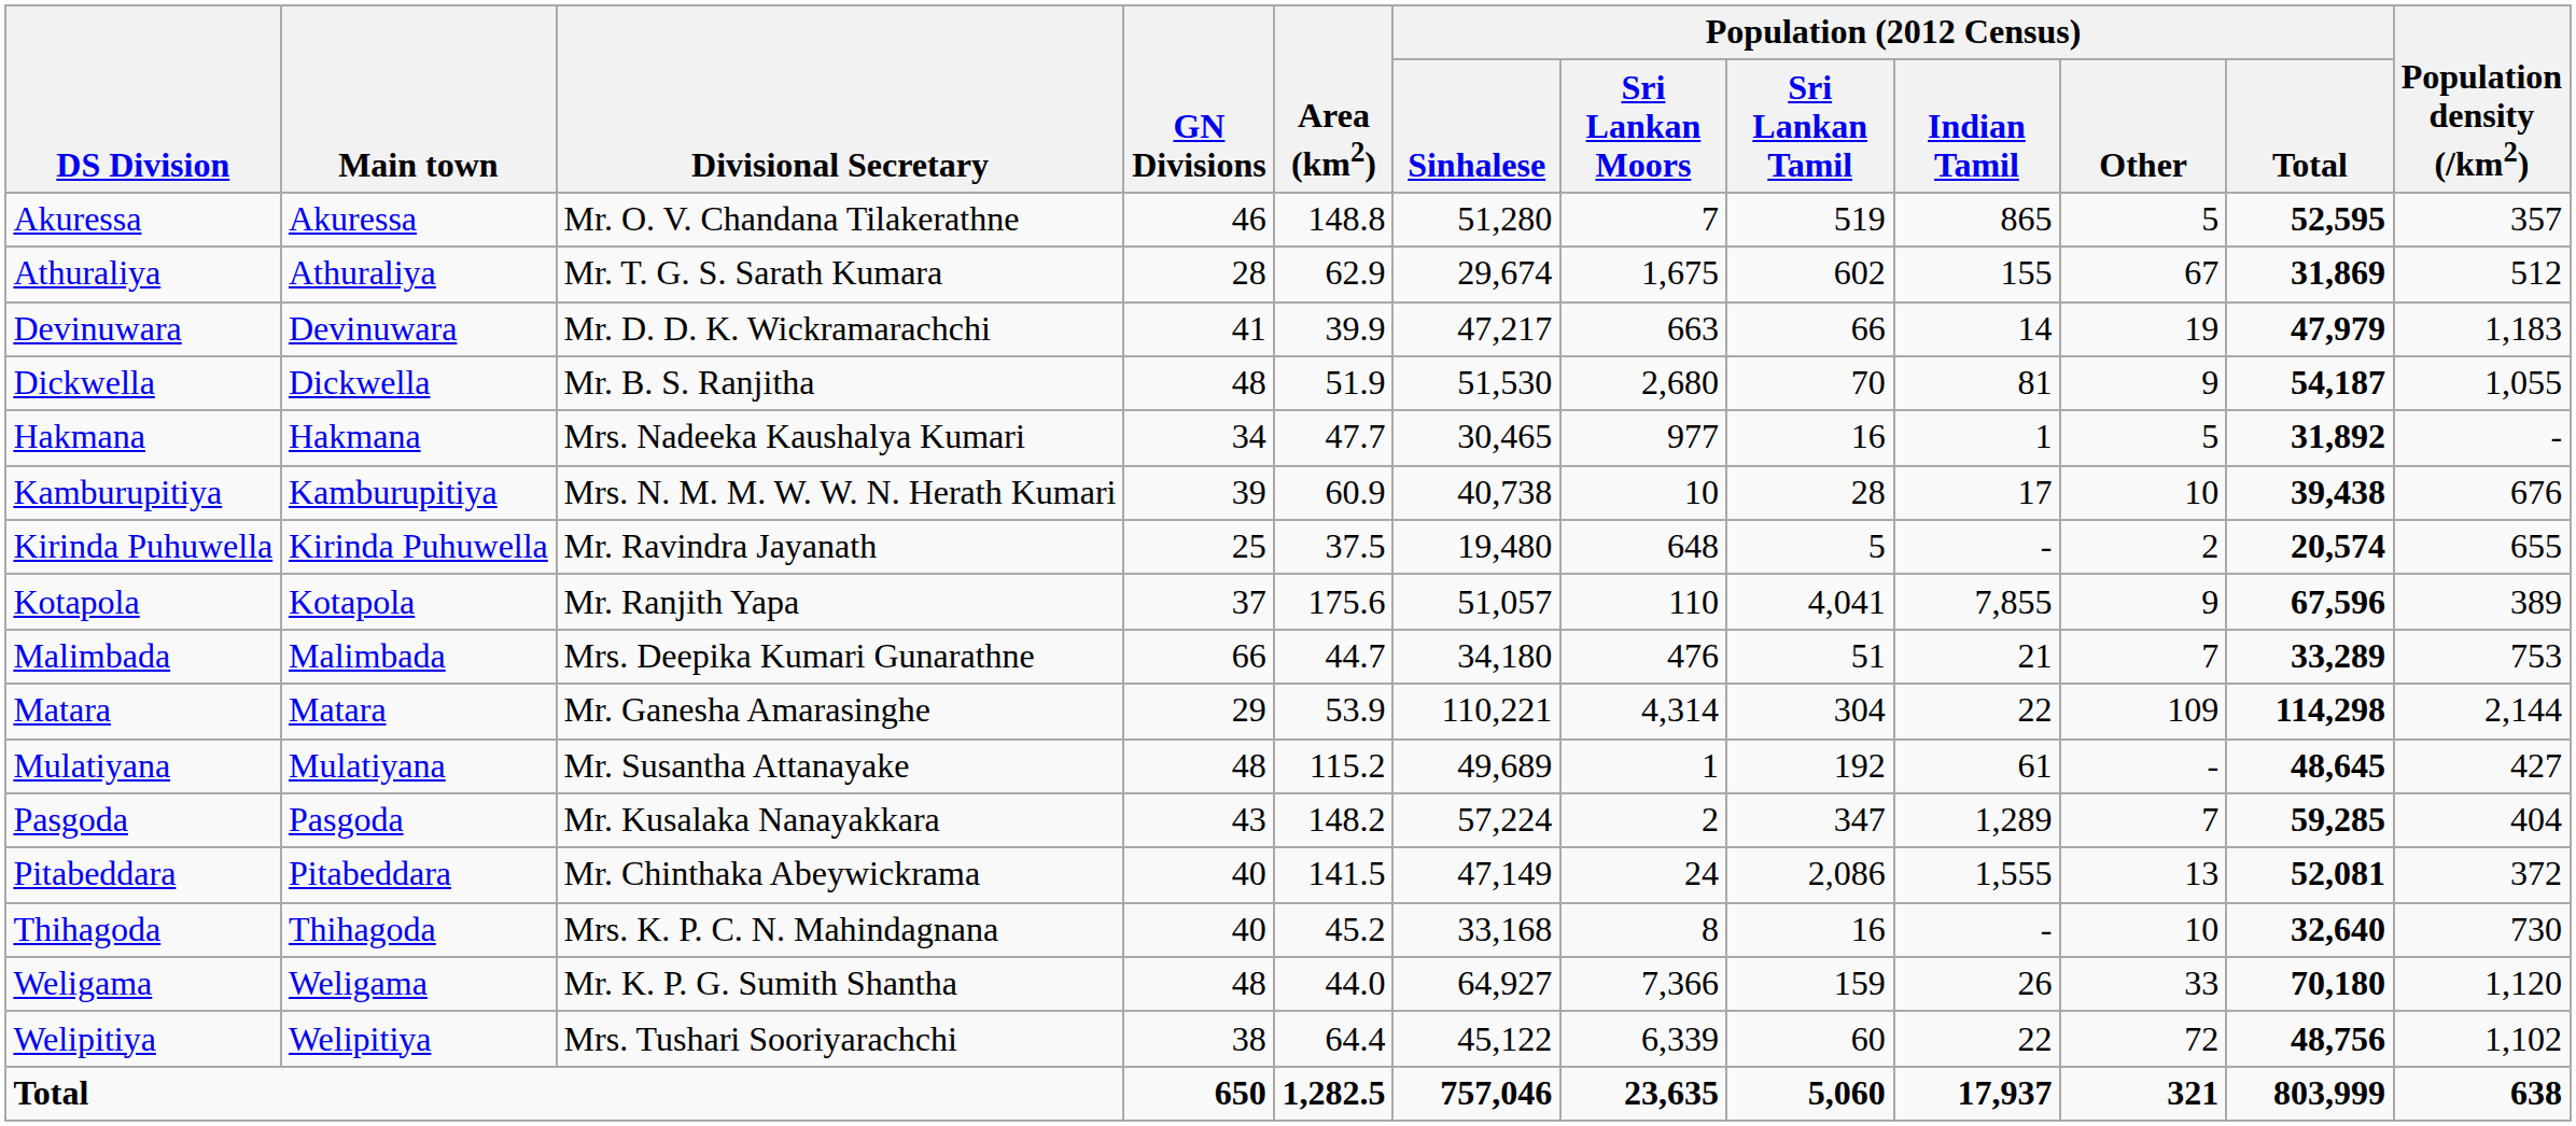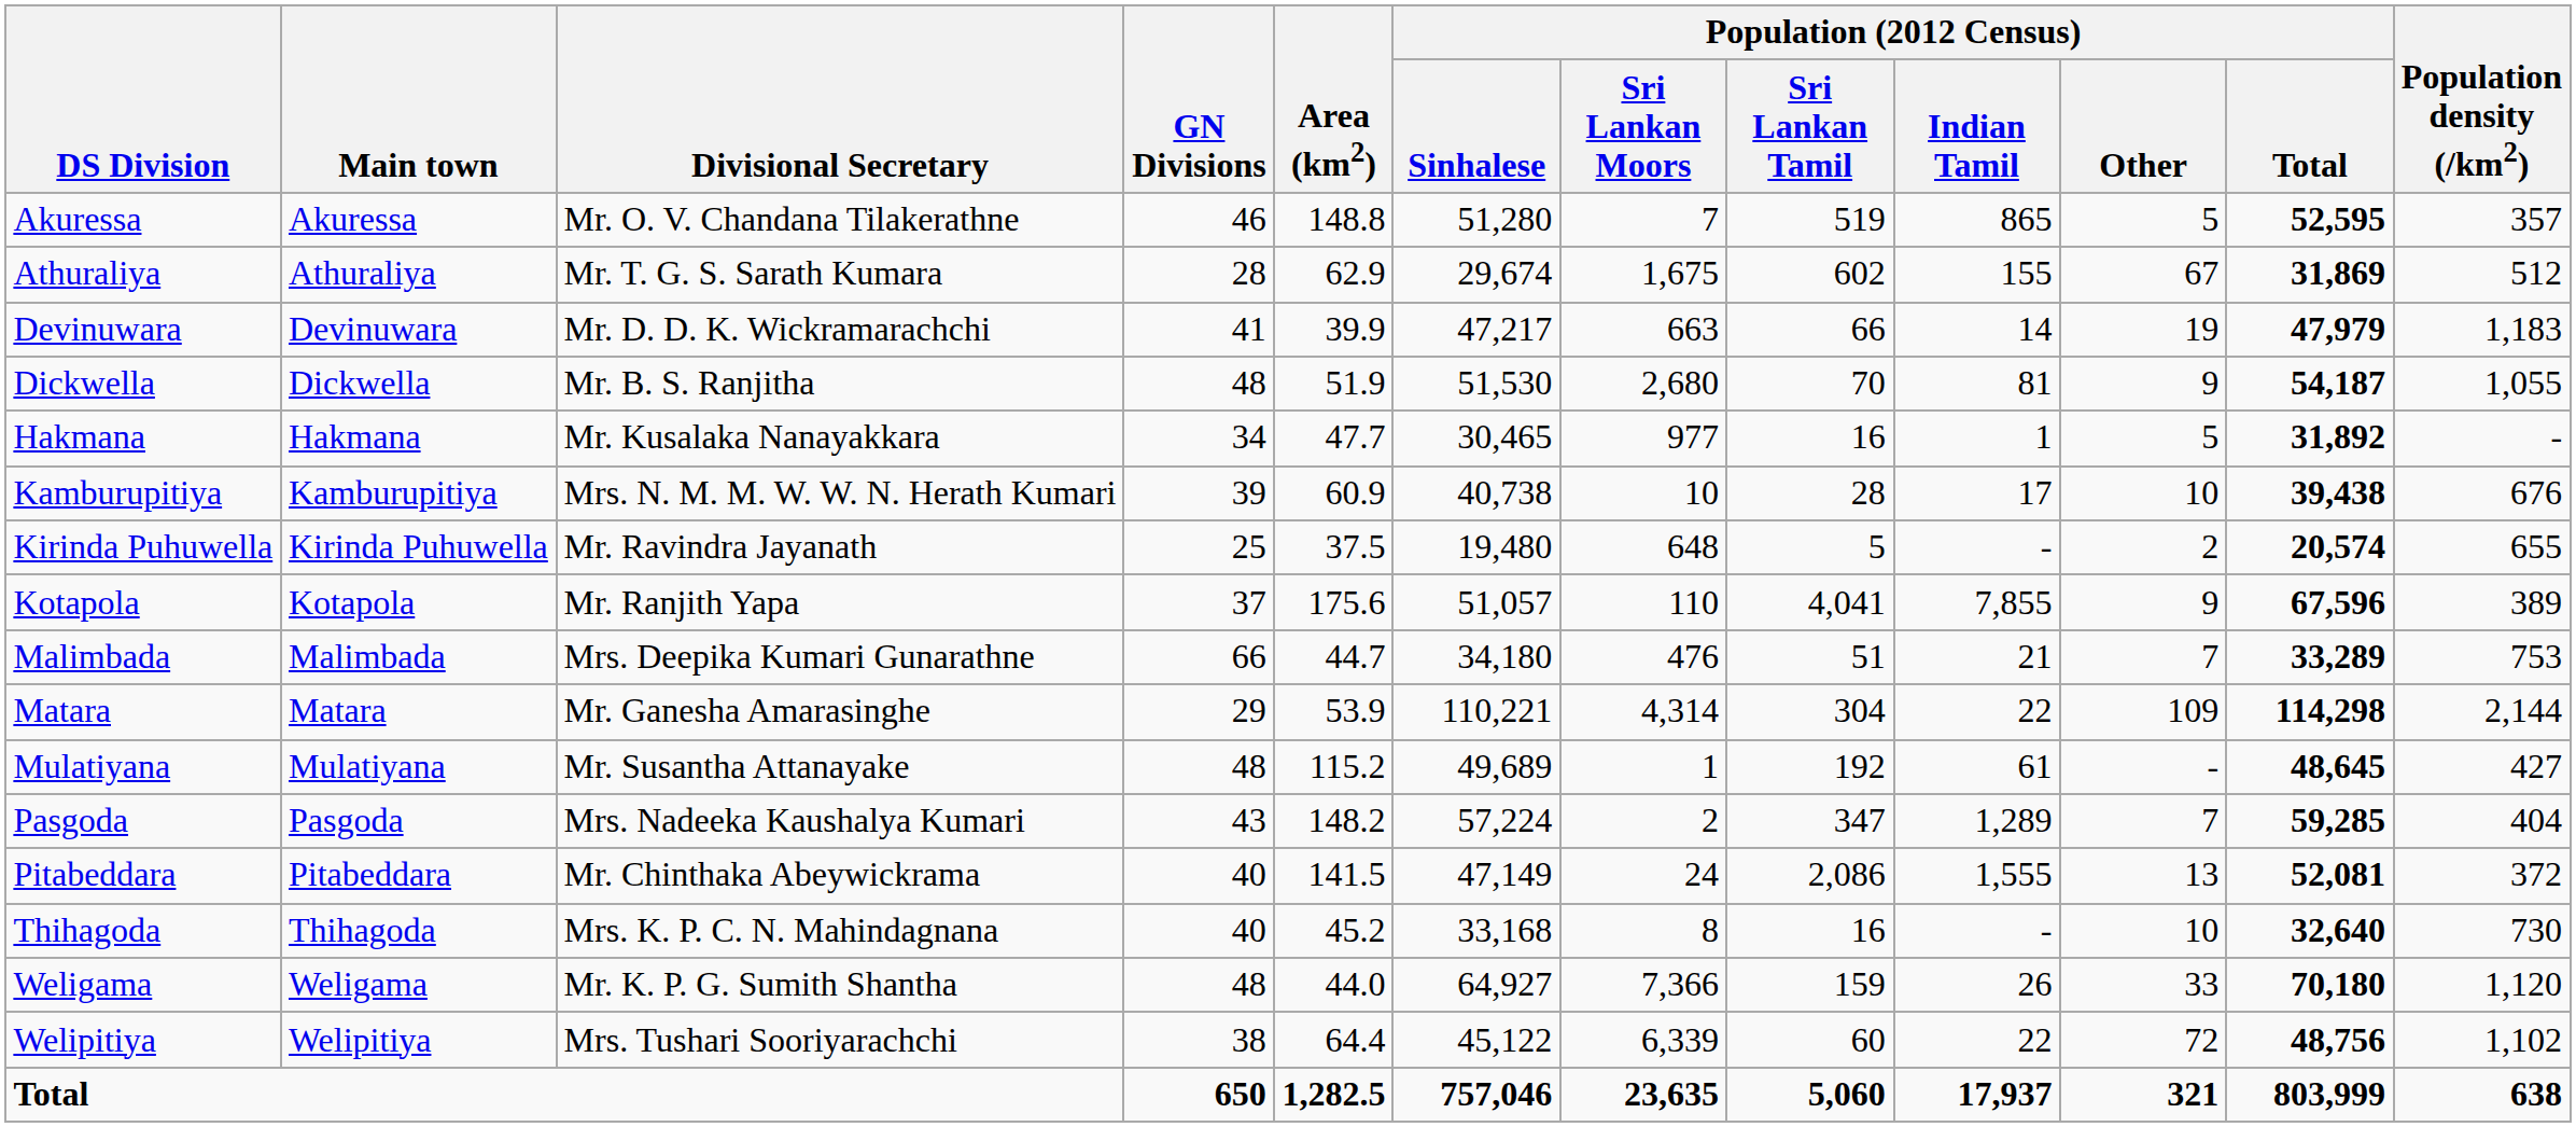 <table class="wikitable sortable" style="text-align:right;">
 <tr style="vertical-align:bottom;">
 <th rowspan=2><a href='#'>DS Division</a></th>
 <th rowspan=2>Main town</th>
 <th rowspan=2 class="unsortable">Divisional Secretary</th>
 <th rowspan=2><a href='#'>GN</a><br>Divisions<br></th>
 <th rowspan=2>Area<br>(km<sup>2</sup>)<br></th>
 <th colspan=6>Population (2012 Census)</th>
 <th rowspan=2>Population<br>density<br>(/km<sup>2</sup>)</th>
 </tr>
 <tr style="vertical-align:bottom;">
 <th style="width:70px;"><a href='#'>Sinhalese</a></th>
 <th style="width:70px;"><a href='#'>Sri Lankan Moors</a></th>
 <th style="width:70px;"><a href='#'>Sri Lankan<br>Tamil</a></th>
 <th style="width:70px;"><a href='#'>Indian<br>Tamil</a></th>
 <th style="width:70px;">Other</th>
 <th style="width:70px;">Total</th>
 </tr>
 <tr>
 <td align=left><a href='#'>Akuressa</a></td>
 <td align=left><a href='#'>Akuressa</a></td>
 <td align=left>Mr. O. V. Chandana Tilakerathne</td>
 <td>46</td>
 <td>148.8</td>
 <td>51,280</td>
 <td>7</td>
 <td>519</td>
 <td>865</td>
 <td>5</td>
 <td><strong>52,595</strong></td>
 <td>357</td>
 </tr>
 <tr>
 <td align=left><a href='#'>Athuraliya</a></td>
 <td align=left><a href='#'>Athuraliya</a></td>
 <td align=left>Mr. T. G. S. Sarath Kumara</td>
 <td>28</td>
 <td>62.9</td>
 <td>29,674</td>
 <td>1,675</td>
 <td>602</td>
 <td>155</td>
 <td>67</td>
 <td><strong>31,869</strong></td>
 <td>512</td>
 </tr>
 <tr>
 <td align=left><a href='#'>Devinuwara</a></td>
 <td align=left><a href='#'>Devinuwara</a></td>
 <td align=left>Mr. D. D. K. Wickramarachchi</td>
 <td>41</td>
 <td>39.9</td>
 <td>47,217</td>
 <td>663</td>
 <td>66</td>
 <td>14</td>
 <td>19</td>
 <td><strong>47,979</strong></td>
 <td>1,183</td>
 </tr>
 <tr>
 <td align=left><a href='#'>Dickwella</a></td>
 <td align=left><a href='#'>Dickwella</a></td>
 <td align=left>Mr. B. S. Ranjitha</td>
 <td>48</td>
 <td>51.9</td>
 <td>51,530</td>
 <td>2,680</td>
 <td>70</td>
 <td>81</td>
 <td>9</td>
 <td><strong>54,187</strong></td>
 <td>1,055</td>
 </tr>
 <tr>
 <td align=left><a href='#'>Hakmana</a></td>
 <td align=left><a href='#'>Hakmana</a></td>
-<td align=left>Mrs. Nadeeka Kaushalya Kumari</td>
+<td align=left>Mr. Kusalaka Nanayakkara</td>
 <td>34</td>
 <td>47.7</td>
 <td>30,465</td>
 <td>977</td>
 <td>16</td>
 <td>1</td>
 <td>5</td>
 <td><strong>31,892</strong></td>
 <td>-</td>
 </tr>
 <tr>
 <td align=left><a href='#'>Kamburupitiya</a></td>
 <td align=left><a href='#'>Kamburupitiya</a></td>
 <td align=left>Mrs. N. M. M. W. W. N. Herath Kumari</td>
 <td>39</td>
 <td>60.9</td>
 <td>40,738</td>
 <td>10</td>
 <td>28</td>
 <td>17</td>
 <td>10</td>
 <td><strong>39,438</strong></td>
 <td>676</td>
 </tr>
 <tr>
 <td align=left><a href='#'>Kirinda Puhuwella</a></td>
 <td align=left><a href='#'>Kirinda Puhuwella</a></td>
 <td align=left>Mr. Ravindra Jayanath</td>
 <td>25</td>
 <td>37.5</td>
 <td>19,480</td>
 <td>648</td>
 <td>5</td>
 <td>-</td>
 <td>2</td>
 <td><strong>20,574</strong></td>
 <td>655</td>
 </tr>
 <tr>
 <td align=left><a href='#'>Kotapola</a></td>
 <td align=left><a href='#'>Kotapola</a></td>
 <td align=left>Mr. Ranjith Yapa</td>
 <td>37</td>
 <td>175.6</td>
 <td>51,057</td>
 <td>110</td>
 <td>4,041</td>
 <td>7,855</td>
 <td>9</td>
 <td><strong>67,596</strong></td>
 <td>389</td>
 </tr>
 <tr>
 <td align=left><a href='#'>Malimbada</a></td>
 <td align=left><a href='#'>Malimbada</a></td>
 <td align=left>Mrs. Deepika Kumari Gunarathne</td>
 <td>66</td>
 <td>44.7</td>
 <td>34,180</td>
 <td>476</td>
 <td>51</td>
 <td>21</td>
 <td>7</td>
 <td><strong>33,289</strong></td>
 <td>753</td>
 </tr>
 <tr>
 <td align=left><a href='#'>Matara</a></td>
 <td align=left><a href='#'>Matara</a></td>
 <td align=left>Mr. Ganesha Amarasinghe</td>
 <td>29</td>
 <td>53.9</td>
 <td>110,221</td>
 <td>4,314</td>
 <td>304</td>
 <td>22</td>
 <td>109</td>
 <td><strong>114,298</strong></td>
 <td>2,144</td>
 </tr>
 <tr>
 <td align=left><a href='#'>Mulatiyana</a></td>
 <td align=left><a href='#'>Mulatiyana</a></td>
 <td align=left>Mr. Susantha Attanayake</td>
 <td>48</td>
 <td>115.2</td>
 <td>49,689</td>
 <td>1</td>
 <td>192</td>
 <td>61</td>
 <td>-</td>
 <td><strong>48,645</strong></td>
 <td>427</td>
 </tr>
 <tr>
 <td align=left><a href='#'>Pasgoda</a></td>
 <td align=left><a href='#'>Pasgoda</a></td>
-<td align=left>Mr. Kusalaka Nanayakkara</td>
+<td align=left>Mrs. Nadeeka Kaushalya Kumari</td>
 <td>43</td>
 <td>148.2</td>
 <td>57,224</td>
 <td>2</td>
 <td>347</td>
 <td>1,289</td>
 <td>7</td>
 <td><strong>59,285</strong></td>
 <td>404</td>
 </tr>
 <tr>
 <td align=left><a href='#'>Pitabeddara</a></td>
 <td align=left><a href='#'>Pitabeddara</a></td>
 <td align=left>Mr. Chinthaka Abeywickrama</td>
 <td>40</td>
 <td>141.5</td>
 <td>47,149</td>
 <td>24</td>
 <td>2,086</td>
 <td>1,555</td>
 <td>13</td>
 <td><strong>52,081</strong></td>
 <td>372</td>
 </tr>
 <tr>
 <td align=left><a href='#'>Thihagoda</a></td>
 <td align=left><a href='#'>Thihagoda</a></td>
 <td align=left>Mrs. K. P. C. N. Mahindagnana</td>
 <td>40</td>
 <td>45.2</td>
 <td>33,168</td>
 <td>8</td>
 <td>16</td>
 <td>-</td>
 <td>10</td>
 <td><strong>32,640</strong></td>
 <td>730</td>
 </tr>
 <tr>
 <td align=left><a href='#'>Weligama</a></td>
 <td align=left><a href='#'>Weligama</a></td>
 <td align=left>Mr. K. P. G. Sumith Shantha</td>
 <td>48</td>
 <td>44.0</td>
 <td>64,927</td>
 <td>7,366</td>
 <td>159</td>
 <td>26</td>
 <td>33</td>
 <td><strong>70,180</strong></td>
 <td>1,120</td>
 </tr>
 <tr>
 <td align=left><a href='#'>Welipitiya</a></td>
 <td align=left><a href='#'>Welipitiya</a></td>
 <td align=left>Mrs. Tushari Sooriyarachchi</td>
 <td>38</td>
 <td>64.4</td>
 <td>45,122</td>
 <td>6,339</td>
 <td>60</td>
 <td>22</td>
 <td>72</td>
 <td><strong>48,756</strong></td>
 <td>1,102</td>
 </tr>
 <tr style="font-weight:bold" class="sortbottom">
 <td align=left colspan=3>Total</td>
 <td>650</td>
 <td>1,282.5</td>
 <td>757,046</td>
 <td>23,635</td>
 <td>5,060</td>
 <td>17,937</td>
 <td>321</td>
 <td>803,999</td>
 <td>638</td>
 </tr>
 </table>
